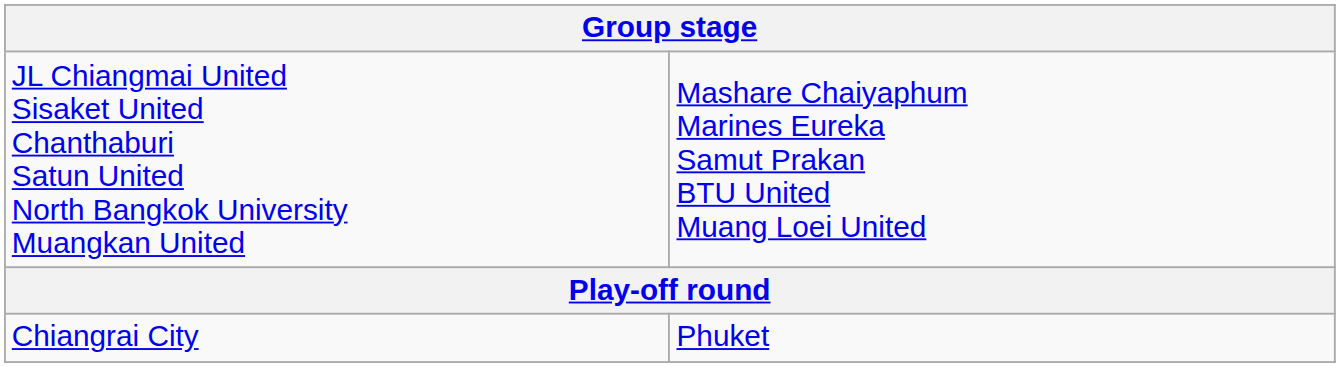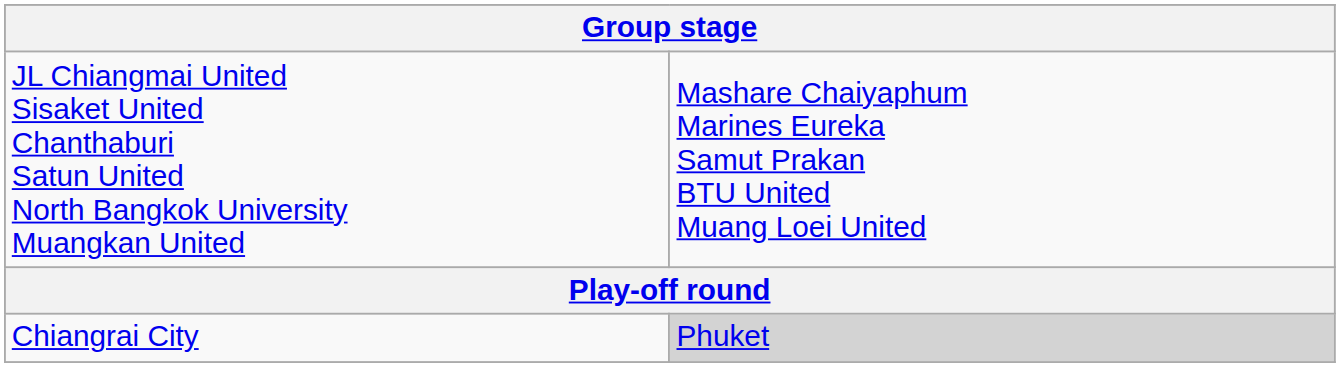 <table class="wikitable">
 <tr>
 <th colspan=2><a href='#'>Group stage</a></th>
 </tr>
 <tr>
 <td width="350"><a href='#'>JL Chiangmai United</a> <br><a href='#'>Sisaket United</a> <br><a href='#'>Chanthaburi</a> <br><a href='#'>Satun United</a> <br><a href='#'>North Bangkok University</a> <br><a href='#'>Muangkan United</a> </td>
 <td width="350"><a href='#'>Mashare Chaiyaphum</a> <br><a href='#'>Marines Eureka</a> <br><a href='#'>Samut Prakan</a> <br><a href='#'>BTU United</a> <br><a href='#'>Muang Loei United</a> </td>
 </tr>
 <tr>
 <th colspan=2><a href='#'>Play-off round</a></th>
 </tr>
 <tr>
 <td><a href='#'>Chiangrai City</a> </td>
-<td><a href='#'>Phuket</a> </td>
+<td style="background: lightgrey;"><a href='#'>Phuket</a> </td>
 </tr>
 </table>
